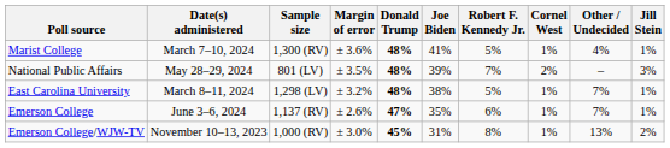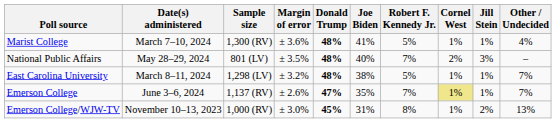 <table class="wikitable sortable mw-datatable" style="font-size:90%;text-align:center;line-height:17px">
 <tr valign=bottom>
 <th>Poll source</th>
 <th>Date(s)<br>administered</th>
 <th>Sample<br>size</th>
 <th>Margin<br>of error</th>
 <th class="unsortable">Donald<br>Trump<br></th>
 <th class="unsortable">Joe<br>Biden<br></th>
 <th class="unsortable">Robert F.<br>Kennedy Jr.<br></th>
 <th class="unsortable">Cornel<br>West<br></th>
+<th class="unsortable">Jill<br>Stein<br></th>
 <th class="unsortable">Other /<br>Undecided</th>
-<th class="unsortable">Jill<br>Stein<br></th>
 </tr>
 <tr>
 <td style="text-align:left;"><a href='#'>Marist College</a></td>
 <td data-sort-value="2024-03-13">March 7–10, 2024</td>
 <td>1,300 (RV)</td>
 <td>± 3.6%</td>
 <td style="background-color:"><strong>48%</strong></td>
 <td>41%</td>
 <td>5%</td>
 <td>1%</td>
+<td>1%</td>
 <td>4%</td>
-<td>1%</td>
 </tr>
 <tr>
 <td style="text-align:left;">National Public Affairs</td>
 <td data-sort-value=2024-06-05>May 28–29, 2024</td>
 <td>801 (LV)</td>
 <td>± 3.5%</td>
 <td style="background-color:"><strong>48%</strong></td>
-<td>39%</td>
+<td>40%</td>
 <td>7%</td>
 <td>2%</td>
+<td>3%</td>
 <td>–</td>
-<td>3%</td>
 </tr>
 <tr>
 <td style="text-align:left;"><a href='#'>East Carolina University</a></td>
 <td data-sort-value="2024-03-15">March 8–11, 2024</td>
 <td>1,298 (LV)</td>
 <td>± 3.2%</td>
 <td style="background-color:"><strong>48%</strong></td>
 <td>38%</td>
 <td>5%</td>
 <td>1%</td>
+<td>1%</td>
 <td>7%</td>
-<td>1%</td>
 </tr>
 <tr>
 <td style="text-align:left;"><a href='#'>Emerson College</a></td>
 <td data-sort-value="2024-06-11">June 3–6, 2024</td>
 <td>1,137 (RV)</td>
 <td>± 2.6%</td>
 <td style="background-color:"><strong>47%</strong></td>
 <td>35%</td>
-<td>6%</td>
+<td>7%</td>
+<td style="background: khaki;">1%</td>
 <td>1%</td>
 <td>7%</td>
-<td>1%</td>
 </tr>
 <tr>
 <td style="text-align:left;"><a href='#'>Emerson College</a>/<a href='#'>WJW-TV</a></td>
 <td data-sort-value="2023-07-26">November 10–13, 2023</td>
 <td>1,000 (RV)</td>
 <td>± 3.0%</td>
 <td style="background-color:"><strong>45%</strong></td>
 <td>31%</td>
 <td>8%</td>
 <td>1%</td>
+<td>2%</td>
 <td>13%</td>
-<td>2%</td>
 </tr>
 </table>
